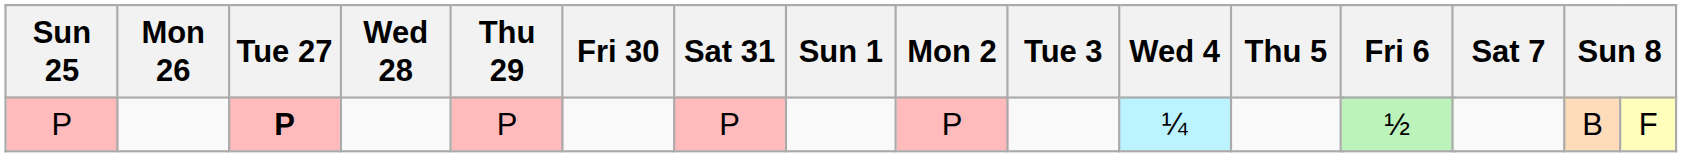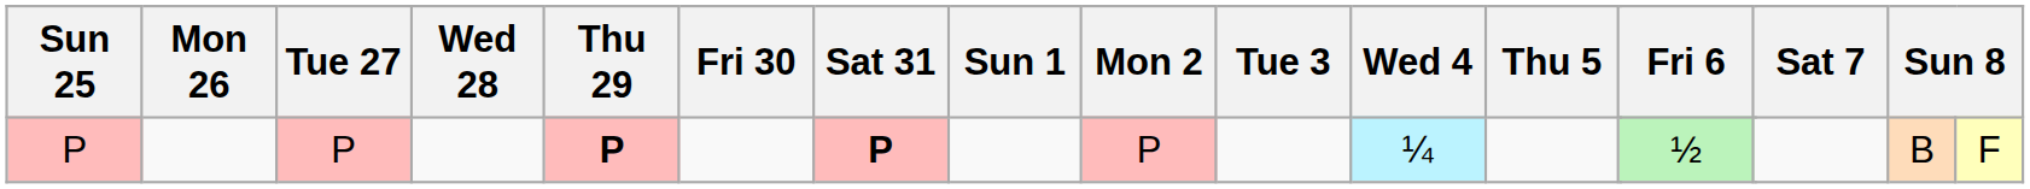 <table class="wikitable" style="margin:0.5em auto; font-size:90%; line-height:1.25em; text-align:center">
 <tr>
 <th width="45">Sun 25</th>
 <th width="45">Mon 26</th>
 <th width="45">Tue 27</th>
 <th width="45">Wed 28</th>
 <th width="45">Thu 29</th>
 <th width="45">Fri 30</th>
 <th width="45">Sat 31</th>
 <th width="45">Sun 1</th>
 <th width="45">Mon 2</th>
 <th width="45">Tue 3</th>
 <th width="45" colspan="2">Wed 4</th>
 <th width="45" colspan="2">Thu 5</th>
 <th width="45" colspan="2">Fri 6</th>
 <th width="45">Sat 7</th>
 <th width="45" colspan="2">Sun 8</th>
 </tr>
 <tr>
 <td bgcolor="#FFBBBB">P</td>
 <td></td>
+<td bgcolor="#FFBBBB">P</td>
+<td></td>
 <td bgcolor="#FFBBBB"><strong>P</strong></td>
 <td></td>
-<td bgcolor="#FFBBBB">P</td>
-<td></td>
-<td bgcolor="#FFBBBB">P</td>
+<td bgcolor="#FFBBBB"><strong>P</strong></td>
 <td></td>
 <td bgcolor="#FFBBBB">P</td>
 <td></td>
 <td bgcolor="#BBF3FF" colspan="2">¼</td>
 <td colspan="2"></td>
 <td bgcolor="#BBF3BB" colspan="2">½</td>
 <td></td>
 <td bgcolor="#FEDCBA">B</td>
 <td bgcolor="#FFFFBB">F</td>
 </tr>
 </table>
